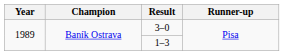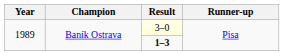 <table class="wikitable" style="text-align: center;">
 <tr>
 <th width=60px>Year</th>
 <th width=150px>Champion</th>
 <th width=60px>Result</th>
 <th width=150px>Runner-up</th>
 </tr>
 <tr>
 <td rowspan=2>1989</td>
 <td rowspan=2> <a href='#'>Baník Ostrava</a></td>
-<td>3–0</td>
+<td style="background: lightyellow;">3–0</td>
 <td rowspan=2> <a href='#'>Pisa</a></td>
 </tr>
 <tr>
-<td>1–3 <br> <small></small></td>
+<td><strong>1–3 <br> <small></small></strong></td>
 </tr>
 </table>
